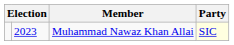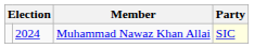 <table class="wikitable">
 <tr>
 <th colspan="2">Election</th>
 <th>Member</th>
 <th>Party</th>
 </tr>
 <tr>
 <td style="background-color: "></td>
-<td><a href='#'>2023</a></td>
+<td><a href='#'>2024</a></td>
 <td><a href='#'>Muhammad Nawaz Khan Allai</a></td>
 <td style="background: lightyellow;"><a href='#'>SIC</a></td>
 </tr>
 </table>
